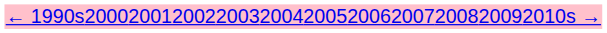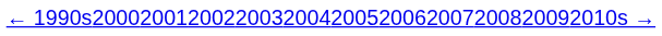 <table id=toc class=toc summary=Contents>
 <tr>
 <th></th>
 </tr>
 <tr>
-<td align=center style="background: pink;"><a href='#'>← 1990s</a><a href='#'>2000</a><a href='#'>2001</a><a href='#'>2002</a><a href='#'>2003</a><a href='#'>2004</a><a href='#'>2005</a><a href='#'>2006</a><a href='#'>2007</a><a href='#'>2008</a><a href='#'>2009</a><a href='#'>2010s →</a></td>
+<td align=center><a href='#'>← 1990s</a><a href='#'>2000</a><a href='#'>2001</a><a href='#'>2002</a><a href='#'>2003</a><a href='#'>2004</a><a href='#'>2005</a><a href='#'>2006</a><a href='#'>2007</a><a href='#'>2008</a><a href='#'>2009</a><a href='#'>2010s →</a></td>
 </tr>
 </table>
